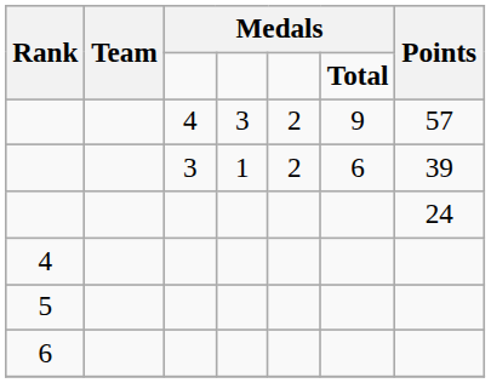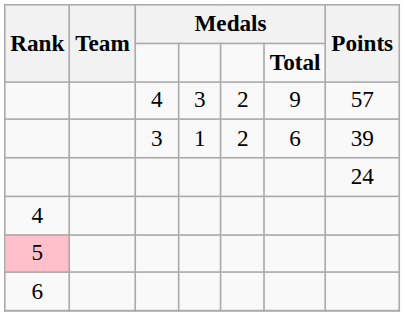 <table class="wikitable" style="text-align:center; font-size:90%;">
 <tr>
 <th rowspan=2>Rank</th>
 <th rowspan=2>Team</th>
 <th colspan=4>Medals</th>
 <th rowspan=2>Points</th>
 </tr>
 <tr>
 <td width=20px></td>
 <td width=20px></td>
 <td width=20px></td>
 <td><strong>Total</strong></td>
 </tr>
 <tr>
 <td></td>
 <td align=left></td>
 <td>4</td>
 <td>3</td>
 <td>2</td>
 <td>9</td>
 <td>57</td>
 </tr>
 <tr>
 <td></td>
 <td align=left></td>
 <td>3</td>
 <td>1</td>
 <td>2</td>
 <td>6</td>
 <td>39</td>
 </tr>
 <tr>
 <td></td>
 <td align=left><strong></strong></td>
 <td></td>
 <td></td>
 <td></td>
 <td></td>
 <td>24</td>
 </tr>
 <tr>
 <td>4</td>
 <td align=left></td>
 <td></td>
 <td></td>
 <td></td>
 <td></td>
 <td></td>
 </tr>
 <tr>
-<td>5</td>
+<td style="background: pink;">5</td>
 <td align=left></td>
 <td></td>
 <td></td>
 <td></td>
 <td></td>
 <td></td>
 </tr>
 <tr>
 <td>6</td>
 <td align=left></td>
 <td></td>
 <td></td>
 <td></td>
 <td></td>
 <td></td>
 </tr>
 <tr>
 </tr>
 </table>
